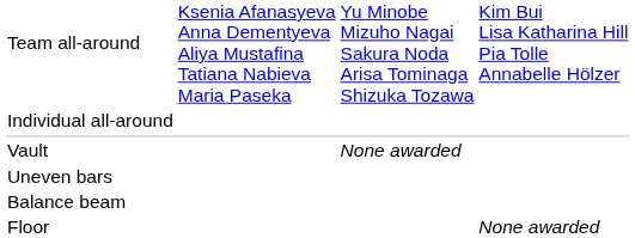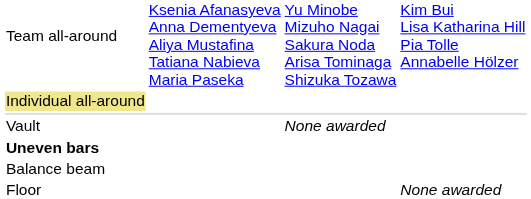 <table>
 <tr>
 <td>Team all-around<br></td>
 <td><br><a href='#'>Ksenia Afanasyeva</a> <br><a href='#'>Anna Dementyeva</a><br><a href='#'>Aliya Mustafina</a><br><a href='#'>Tatiana Nabieva</a><br><a href='#'>Maria Paseka</a></td>
 <td><br><a href='#'>Yu Minobe</a> <br><a href='#'>Mizuho Nagai</a><br><a href='#'>Sakura Noda</a><br><a href='#'>Arisa Tominaga</a><br><a href='#'>Shizuka Tozawa</a></td>
 <td><br><a href='#'>Kim Bui</a> <br><a href='#'>Lisa Katharina Hill</a><br><a href='#'>Pia Tolle</a><br><a href='#'>Annabelle Hölzer</a><br><br></td>
 </tr>
 <tr>
-<td>Individual all-around<br></td>
+<td style="background: khaki;">Individual all-around<br></td>
 <td></td>
 <td></td>
 <td></td>
 </tr>
 <tr bgcolor=#DDDDDD>
 <td colspan=7></td>
 </tr>
 <tr>
 <td rowspan="2">Vault<br></td>
 <td></td>
 <td rowspan="2"><em>None awarded</em></td>
 <td rowspan="2"></td>
 </tr>
 <tr>
 <td></td>
 </tr>
 <tr>
-<td>Uneven bars<br></td>
+<td><strong>Uneven bars<br></strong></td>
 <td></td>
 <td></td>
 <td></td>
 </tr>
 <tr>
 <td>Balance beam<br></td>
 <td></td>
 <td></td>
 <td></td>
 </tr>
 <tr>
 <td rowspan="2">Floor<br></td>
 <td rowspan="2"></td>
 <td></td>
 <td rowspan="2"><em>None awarded</em></td>
 </tr>
 <tr>
 <td></td>
 </tr>
 </table>
